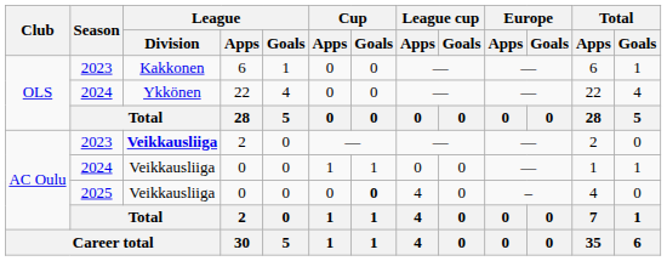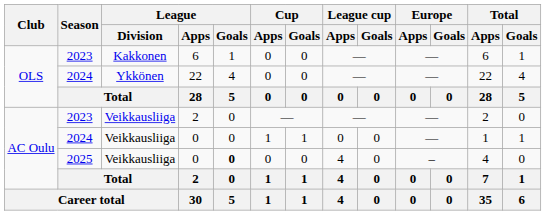 <table class="wikitable" style="text-align:center">
 <tr>
 <th rowspan="2">Club</th>
 <th rowspan="2">Season</th>
 <th colspan="3">League</th>
 <th colspan="2">Cup</th>
 <th colspan="2">League cup</th>
 <th colspan="2">Europe</th>
 <th colspan="2">Total</th>
 </tr>
 <tr>
 <th>Division</th>
 <th>Apps</th>
 <th>Goals</th>
 <th>Apps</th>
 <th>Goals</th>
 <th>Apps</th>
 <th>Goals</th>
 <th>Apps</th>
 <th>Goals</th>
 <th>Apps</th>
 <th>Goals</th>
 </tr>
 <tr>
 <td rowspan="3"><a href='#'>OLS</a></td>
 <td><a href='#'>2023</a></td>
 <td rowspan="1"><a href='#'>Kakkonen</a></td>
 <td>6</td>
 <td>1</td>
 <td>0</td>
 <td>0</td>
 <td colspan="2">—</td>
 <td colspan="2">—</td>
 <td>6</td>
 <td>1</td>
 </tr>
 <tr>
 <td><a href='#'>2024</a></td>
 <td><a href='#'>Ykkönen</a></td>
 <td>22</td>
 <td>4</td>
 <td>0</td>
 <td>0</td>
 <td colspan="2">—</td>
 <td colspan="2">—</td>
 <td>22</td>
 <td>4</td>
 </tr>
 <tr>
 <th colspan="2">Total</th>
 <th>28</th>
 <th>5</th>
 <th>0</th>
 <th>0</th>
 <th>0</th>
 <th>0</th>
 <th>0</th>
 <th>0</th>
 <th>28</th>
 <th>5</th>
 </tr>
 <tr>
 <td rowspan=4><a href='#'>AC Oulu</a></td>
 <td><a href='#'>2023</a></td>
-<td><strong><a href='#'>Veikkausliiga</a></strong></td>
+<td><a href='#'>Veikkausliiga</a></td>
 <td>2</td>
 <td>0</td>
 <td colspan="2">—</td>
 <td colspan="2">—</td>
 <td colspan="2">—</td>
 <td>2</td>
 <td>0</td>
 </tr>
 <tr>
 <td><a href='#'>2024</a></td>
 <td>Veikkausliiga</td>
 <td>0</td>
 <td>0</td>
 <td>1</td>
 <td>1</td>
 <td>0</td>
 <td>0</td>
 <td colspan="2">—</td>
 <td>1</td>
 <td>1</td>
 </tr>
 <tr>
 <td><a href='#'>2025</a></td>
 <td>Veikkausliiga</td>
 <td>0</td>
+<td><strong>0</strong></td>
 <td>0</td>
 <td>0</td>
-<td><strong>0</strong></td>
 <td>4</td>
 <td>0</td>
 <td colspan=2>–</td>
 <td>4</td>
 <td>0</td>
 </tr>
 <tr>
 <th colspan=2>Total</th>
 <th>2</th>
 <th>0</th>
 <th>1</th>
 <th>1</th>
 <th>4</th>
 <th>0</th>
 <th>0</th>
 <th>0</th>
 <th>7</th>
 <th>1</th>
 </tr>
 <tr>
 <th colspan="3">Career total</th>
 <th>30</th>
 <th>5</th>
 <th>1</th>
 <th>1</th>
 <th>4</th>
 <th>0</th>
 <th>0</th>
 <th>0</th>
 <th>35</th>
 <th>6</th>
 </tr>
 </table>
